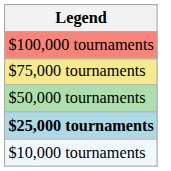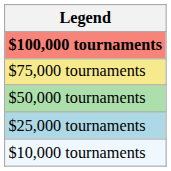 <table class=wikitable style="font-size:90%">
 <tr>
 <th>Legend</th>
 </tr>
 <tr style="background:#f88379;">
-<td>$100,000 tournaments</td>
+<td><strong>$100,000 tournaments</strong></td>
 </tr>
 <tr style="background:#f7e98e;">
 <td>$75,000 tournaments</td>
 </tr>
 <tr style="background:#addfad;">
 <td>$50,000 tournaments</td>
 </tr>
 <tr style="background:lightblue;">
-<td><strong>$25,000 tournaments</strong></td>
+<td>$25,000 tournaments</td>
 </tr>
 <tr style="background:#f0f8ff;">
 <td>$10,000 tournaments</td>
 </tr>
 </table>
